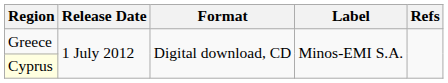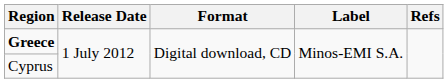 <table class="wikitable">
 <tr>
 <th>Region</th>
 <th>Release Date</th>
 <th>Format</th>
 <th>Label</th>
 <th>Refs</th>
 </tr>
 <tr>
-<td>Greece</td>
+<td><strong>Greece</strong></td>
 <td rowspan="2">1 July 2012</td>
 <td rowspan="2">Digital download, CD</td>
 <td rowspan="2">Minos-EMI S.A.</td>
 <td rowspan="2"></td>
 </tr>
 <tr>
-<td style="background: lightyellow;">Cyprus</td>
+<td>Cyprus</td>
 </tr>
 </table>
